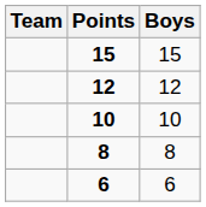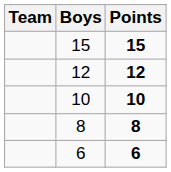 <table class=wikitable style="text-align:center">
 <tr>
 <th>Team</th>
+<th>Boys</th>
 <th>Points</th>
-<th>Boys</th>
 </tr>
 <tr>
 <td align=left></td>
+<td>15</td>
 <td><strong>15</strong></td>
-<td>15</td>
 </tr>
 <tr>
 <td align=left></td>
+<td>12</td>
 <td><strong>12</strong></td>
-<td>12</td>
 </tr>
 <tr>
 <td align=left></td>
+<td>10</td>
 <td><strong>10</strong></td>
-<td>10</td>
 </tr>
 <tr>
 <td align=left></td>
+<td>8</td>
 <td><strong>8</strong></td>
-<td>8</td>
 </tr>
 <tr>
 <td align=left></td>
+<td>6</td>
 <td><strong>6</strong></td>
-<td>6</td>
 </tr>
 </table>
